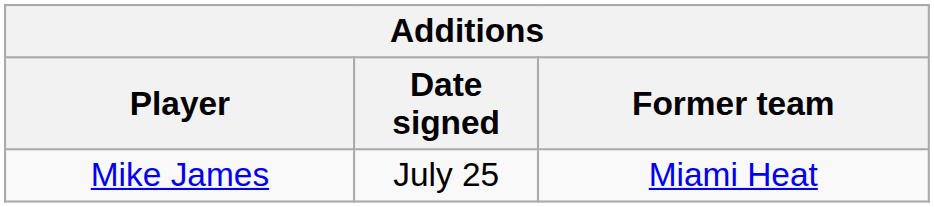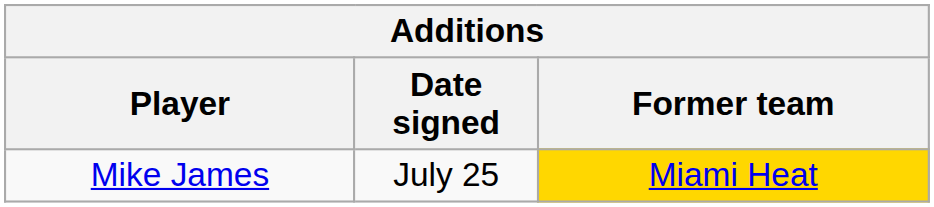 <table class="wikitable" style="text-align:center">
 <tr>
 <th colspan=3>Additions</th>
 </tr>
 <tr>
 <th style="width:160px">Player</th>
 <th style="width:80px">Date signed</th>
 <th style="width:180px">Former team</th>
 </tr>
 <tr>
 <td><a href='#'>Mike James</a></td>
 <td>July 25</td>
-<td><a href='#'>Miami Heat</a></td>
+<td style="background: gold;"><a href='#'>Miami Heat</a></td>
 </tr>
 </table>
